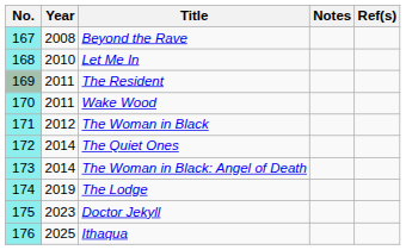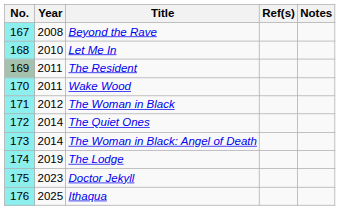 <table class="wikitable">
 <tr>
 <th width="35" scope="col">No.</th>
 <th width="35" scope="col">Year</th>
 <th scope="col">Title</th>
+<th scope="col">Ref(s)</th>
 <th scope="col">Notes</th>
-<th scope="col">Ref(s)</th>
 </tr>
 <tr>
 <td style="background:#8deeee; text-align:center;">167</td>
 <td>2008</td>
 <td><em><a href='#'>Beyond the Rave</a></em></td>
 <td></td>
 <td></td>
 </tr>
 <tr>
 <td style="background:#8deeee; text-align:center;">168</td>
 <td>2010</td>
 <td><em><a href='#'>Let Me In</a></em></td>
 <td></td>
 <td></td>
 </tr>
 <tr>
 <td style="background:#A3C1AD; text-align:center;">169</td>
 <td>2011</td>
 <td><em><a href='#'>The Resident</a></em></td>
 <td></td>
 <td></td>
 </tr>
 <tr>
 <td style="background:#8deeee; text-align:center;">170</td>
 <td>2011</td>
 <td><em><a href='#'>Wake Wood</a></em></td>
 <td></td>
 <td></td>
 </tr>
 <tr>
 <td style="background:#8deeee; text-align:center;">171</td>
 <td>2012</td>
 <td><em><a href='#'>The Woman in Black</a></em></td>
 <td></td>
 <td></td>
 </tr>
 <tr>
 <td style="background:#8deeee; text-align:center;">172</td>
 <td>2014</td>
 <td><em><a href='#'>The Quiet Ones</a></em></td>
 <td></td>
 <td></td>
 </tr>
 <tr>
 <td style="background:#8deeee; text-align:center;">173</td>
 <td>2014</td>
 <td><em><a href='#'>The Woman in Black: Angel of Death</a></em></td>
 <td></td>
 <td></td>
 </tr>
 <tr>
 <td style="background:#8deeee; text-align:center;">174</td>
 <td>2019</td>
 <td><em><a href='#'>The Lodge</a></em></td>
 <td></td>
 <td></td>
 </tr>
 <tr>
 <td style="background:#8deeee; text-align:center;">175</td>
 <td>2023</td>
 <td><em><a href='#'>Doctor Jekyll</a></em></td>
 <td></td>
 <td></td>
 </tr>
 <tr>
 <td style="background:#8deeee; text-align:center;">176</td>
 <td>2025</td>
 <td><em><a href='#'>Ithaqua</a></em></td>
 <td></td>
 <td></td>
 </tr>
 </table>
